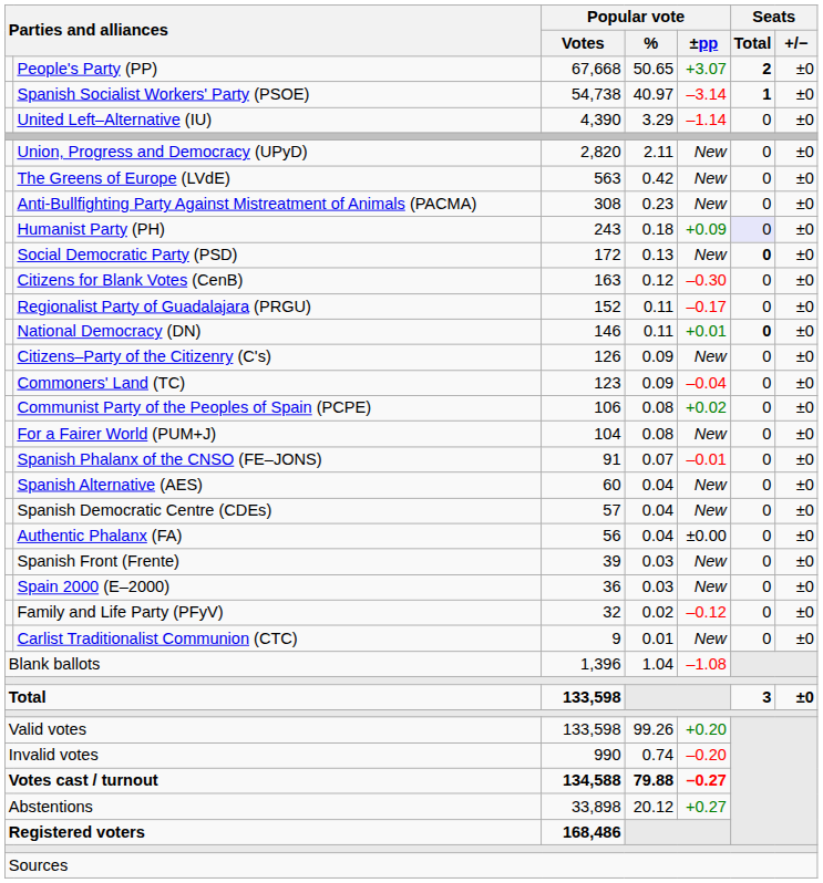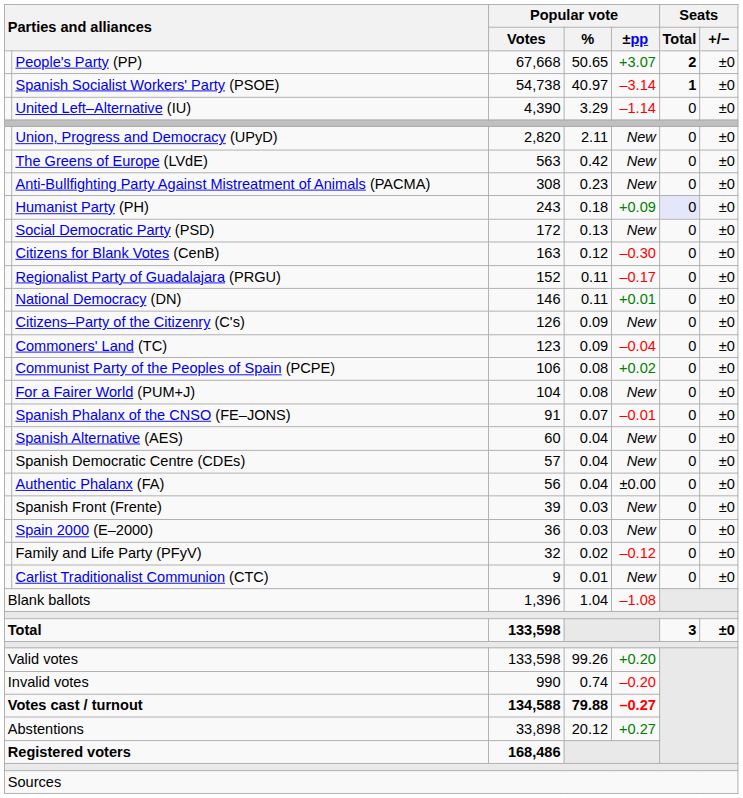 <table class="wikitable" style="text-align:right;">
 <tr>
 <th style="text-align:left;" rowspan="2" colspan="2" width="525">Parties and alliances</th>
 <th colspan="3">Popular vote</th>
 <th colspan="2">Seats</th>
 </tr>
 <tr>
 <th width="75">Votes</th>
 <th width="45">%</th>
 <th width="45">±<a href='#'>pp</a></th>
 <th width="35">Total</th>
 <th width="35">+/−</th>
 </tr>
 <tr>
 <td width="1" style="color:inherit;background:"></td>
 <td align="left"><a href='#'>People's Party</a> (PP)</td>
 <td>67,668</td>
 <td>50.65</td>
 <td style="color:green;">+3.07</td>
 <td><strong>2</strong></td>
 <td>±0</td>
 </tr>
 <tr>
 <td style="color:inherit;background:"></td>
 <td align="left"><a href='#'>Spanish Socialist Workers' Party</a> (PSOE)</td>
 <td>54,738</td>
 <td>40.97</td>
 <td style="color:red;">–3.14</td>
 <td><strong>1</strong></td>
 <td>±0</td>
 </tr>
 <tr>
 <td style="color:inherit;background:"></td>
 <td align="left"><a href='#'>United Left–Alternative</a> (IU)</td>
 <td>4,390</td>
 <td>3.29</td>
 <td style="color:red;">–1.14</td>
 <td>0</td>
 <td>±0</td>
 </tr>
 <tr>
 <td colspan="7" bgcolor="#C0C0C0"></td>
 </tr>
 <tr>
 <td style="color:inherit;background:"></td>
 <td align="left"><a href='#'>Union, Progress and Democracy</a> (UPyD)</td>
 <td>2,820</td>
 <td>2.11</td>
 <td><em>New</em></td>
 <td>0</td>
 <td>±0</td>
 </tr>
 <tr>
 <td style="color:inherit;background:"></td>
 <td align="left"><a href='#'>The Greens of Europe</a> (LVdE)</td>
 <td>563</td>
 <td>0.42</td>
 <td><em>New</em></td>
 <td>0</td>
 <td>±0</td>
 </tr>
 <tr>
 <td style="color:inherit;background:"></td>
 <td align="left"><a href='#'>Anti-Bullfighting Party Against Mistreatment of Animals</a> (PACMA)</td>
 <td>308</td>
 <td>0.23</td>
 <td><em>New</em></td>
 <td>0</td>
 <td>±0</td>
 </tr>
 <tr>
 <td style="color:inherit;background:"></td>
 <td align="left"><a href='#'>Humanist Party</a> (PH)</td>
 <td>243</td>
 <td>0.18</td>
 <td style="color:green;">+0.09</td>
 <td style="background: lavender;">0</td>
 <td>±0</td>
 </tr>
 <tr>
 <td style="color:inherit;background:"></td>
 <td align="left"><a href='#'>Social Democratic Party</a> (PSD)</td>
 <td>172</td>
 <td>0.13</td>
 <td><em>New</em></td>
-<td><strong>0</strong></td>
+<td>0</td>
 <td>±0</td>
 </tr>
 <tr>
 <td style="color:inherit;background:"></td>
 <td align="left"><a href='#'>Citizens for Blank Votes</a> (CenB)</td>
 <td>163</td>
 <td>0.12</td>
 <td style="color:red;">–0.30</td>
 <td>0</td>
 <td>±0</td>
 </tr>
 <tr>
 <td style="color:inherit;background:"></td>
 <td align="left"><a href='#'>Regionalist Party of Guadalajara</a> (PRGU)</td>
 <td>152</td>
 <td>0.11</td>
 <td style="color:red;">–0.17</td>
 <td>0</td>
 <td>±0</td>
 </tr>
 <tr>
 <td style="color:inherit;background:"></td>
 <td align="left"><a href='#'>National Democracy</a> (DN)</td>
 <td>146</td>
 <td>0.11</td>
 <td style="color:green;">+0.01</td>
-<td><strong>0</strong></td>
+<td>0</td>
 <td>±0</td>
 </tr>
 <tr>
 <td style="color:inherit;background:"></td>
 <td align="left"><a href='#'>Citizens–Party of the Citizenry</a> (C's)</td>
 <td>126</td>
 <td>0.09</td>
 <td><em>New</em></td>
 <td>0</td>
 <td>±0</td>
 </tr>
 <tr>
 <td style="color:inherit;background:"></td>
 <td align="left"><a href='#'>Commoners' Land</a> (TC)</td>
 <td>123</td>
 <td>0.09</td>
 <td style="color:red;">–0.04</td>
 <td>0</td>
 <td>±0</td>
 </tr>
 <tr>
 <td style="color:inherit;background:"></td>
 <td align="left"><a href='#'>Communist Party of the Peoples of Spain</a> (PCPE)</td>
 <td>106</td>
 <td>0.08</td>
 <td style="color:green;">+0.02</td>
 <td>0</td>
 <td>±0</td>
 </tr>
 <tr>
 <td style="color:inherit;background:"></td>
 <td align="left"><a href='#'>For a Fairer World</a> (PUM+J)</td>
 <td>104</td>
 <td>0.08</td>
 <td><em>New</em></td>
 <td>0</td>
 <td>±0</td>
 </tr>
 <tr>
 <td style="color:inherit;background:"></td>
 <td align="left"><a href='#'>Spanish Phalanx of the CNSO</a> (FE–JONS)</td>
 <td>91</td>
 <td>0.07</td>
 <td style="color:red;">–0.01</td>
 <td>0</td>
 <td>±0</td>
 </tr>
 <tr>
 <td style="color:inherit;background:"></td>
 <td align="left"><a href='#'>Spanish Alternative</a> (AES)</td>
 <td>60</td>
 <td>0.04</td>
 <td><em>New</em></td>
 <td>0</td>
 <td>±0</td>
 </tr>
 <tr>
 <td style="color:inherit;background:"></td>
 <td align="left">Spanish Democratic Centre (CDEs)</td>
 <td>57</td>
 <td>0.04</td>
 <td><em>New</em></td>
 <td>0</td>
 <td>±0</td>
 </tr>
 <tr>
 <td style="color:inherit;background:"></td>
 <td align="left"><a href='#'>Authentic Phalanx</a> (FA)</td>
 <td>56</td>
 <td>0.04</td>
 <td>±0.00</td>
 <td>0</td>
 <td>±0</td>
 </tr>
 <tr>
 <td style="color:inherit;background:"></td>
 <td align="left">Spanish Front (Frente)</td>
 <td>39</td>
 <td>0.03</td>
 <td><em>New</em></td>
 <td>0</td>
 <td>±0</td>
 </tr>
 <tr>
 <td style="color:inherit;background:"></td>
 <td align="left"><a href='#'>Spain 2000</a> (E–2000)</td>
 <td>36</td>
 <td>0.03</td>
 <td><em>New</em></td>
 <td>0</td>
 <td>±0</td>
 </tr>
 <tr>
 <td style="color:inherit;background:"></td>
 <td align="left">Family and Life Party (PFyV)</td>
 <td>32</td>
 <td>0.02</td>
 <td style="color:red;">–0.12</td>
 <td>0</td>
 <td>±0</td>
 </tr>
 <tr>
 <td style="color:inherit;background:"></td>
 <td align="left"><a href='#'>Carlist Traditionalist Communion</a> (CTC)</td>
 <td>9</td>
 <td>0.01</td>
 <td><em>New</em></td>
 <td>0</td>
 <td>±0</td>
 </tr>
 <tr>
 <td align="left" colspan="2">Blank ballots</td>
 <td>1,396</td>
 <td>1.04</td>
 <td style="color:red;">–1.08</td>
 <td bgcolor="#E9E9E9" colspan="2"></td>
 </tr>
 <tr>
 <td colspan="7" bgcolor="#E9E9E9"></td>
 </tr>
 <tr style="font-weight:bold;">
 <td align="left" colspan="2">Total</td>
 <td>133,598</td>
 <td bgcolor="#E9E9E9" colspan="2"></td>
 <td>3</td>
 <td>±0</td>
 </tr>
 <tr>
 <td colspan="7" bgcolor="#E9E9E9"></td>
 </tr>
 <tr>
 <td align="left" colspan="2">Valid votes</td>
 <td>133,598</td>
 <td>99.26</td>
 <td style="color:green;">+0.20</td>
 <td bgcolor="#E9E9E9" colspan="2" rowspan="5"></td>
 </tr>
 <tr>
 <td align="left" colspan="2">Invalid votes</td>
 <td>990</td>
 <td>0.74</td>
 <td style="color:red;">–0.20</td>
 </tr>
 <tr style="font-weight:bold;">
 <td align="left" colspan="2">Votes cast / turnout</td>
 <td>134,588</td>
 <td>79.88</td>
 <td style="color:red;">–0.27</td>
 </tr>
 <tr>
 <td align="left" colspan="2">Abstentions</td>
 <td>33,898</td>
 <td>20.12</td>
 <td style="color:green;">+0.27</td>
 </tr>
 <tr style="font-weight:bold;">
 <td align="left" colspan="2">Registered voters</td>
 <td>168,486</td>
 <td bgcolor="#E9E9E9" colspan="2"></td>
 </tr>
 <tr>
 <td colspan="7" bgcolor="#E9E9E9"></td>
 </tr>
 <tr>
 <td align="left" colspan="7">Sources</td>
 </tr>
 </table>
